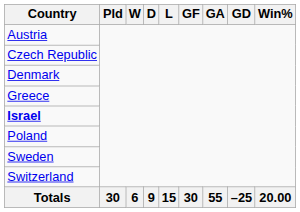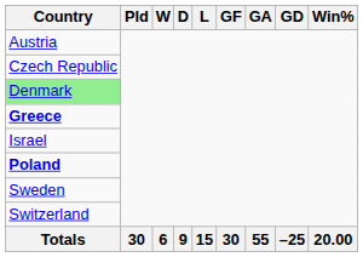 <table class="wikitable sortable" style="text-align:center">
 <tr>
 <th>Country</th>
 <th>Pld</th>
 <th>W</th>
 <th>D</th>
 <th>L</th>
 <th>GF</th>
 <th>GA</th>
 <th>GD</th>
 <th>Win%</th>
 </tr>
 <tr>
 <td align=left> <a href='#'>Austria</a><br></td>
 </tr>
 <tr>
 <td align=left> <a href='#'>Czech Republic</a><br></td>
 </tr>
 <tr>
-<td align=left> <a href='#'>Denmark</a><br></td>
+<td align=left style="background: lightgreen;"> <a href='#'>Denmark</a><br></td>
 </tr>
 <tr>
-<td align=left> <a href='#'>Greece</a><br></td>
+<td align=left><strong> <a href='#'>Greece</a><br></strong></td>
 </tr>
 <tr>
-<td align=left><strong> <a href='#'>Israel</a><br></strong></td>
+<td align=left> <a href='#'>Israel</a><br></td>
 </tr>
 <tr>
-<td align=left> <a href='#'>Poland</a><br></td>
+<td align=left><strong> <a href='#'>Poland</a><br></strong></td>
 </tr>
 <tr>
 <td align=left> <a href='#'>Sweden</a><br></td>
 </tr>
 <tr>
 <td align=left> <a href='#'>Switzerland</a><br></td>
 </tr>
 <tr class="sortbottom">
 <th>Totals</th>
 <th><strong>30</strong></th>
 <th><strong>6</strong></th>
 <th><strong>9</strong></th>
 <th><strong>15</strong></th>
 <th><strong>30</strong></th>
 <th><strong>55</strong></th>
 <th><strong>–25</strong></th>
 <th><strong>20.00</strong></th>
 </tr>
 </table>
